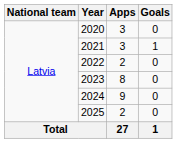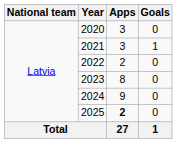 <table class="wikitable" style="text-align:center">
 <tr>
 <th>National team</th>
 <th>Year</th>
 <th>Apps</th>
 <th>Goals</th>
 </tr>
 <tr>
 <td rowspan="6"><a href='#'>Latvia</a></td>
 <td>2020</td>
 <td>3</td>
 <td>0</td>
 </tr>
 <tr>
 <td>2021</td>
 <td>3</td>
 <td>1</td>
 </tr>
 <tr>
 <td>2022</td>
 <td>2</td>
 <td>0</td>
 </tr>
 <tr>
 <td>2023</td>
 <td>8</td>
 <td>0</td>
 </tr>
 <tr>
 <td>2024</td>
 <td>9</td>
 <td>0</td>
 </tr>
 <tr>
 <td>2025</td>
-<td>2</td>
+<td><strong>2</strong></td>
 <td>0</td>
 </tr>
 <tr>
 <th colspan="2">Total</th>
 <th>27</th>
 <th>1</th>
 </tr>
 </table>
